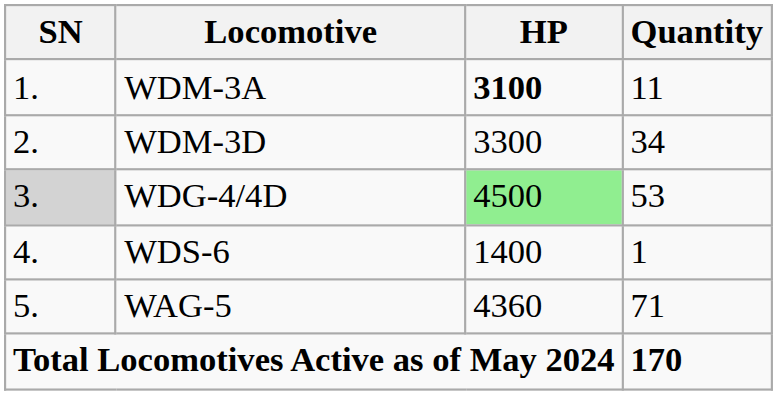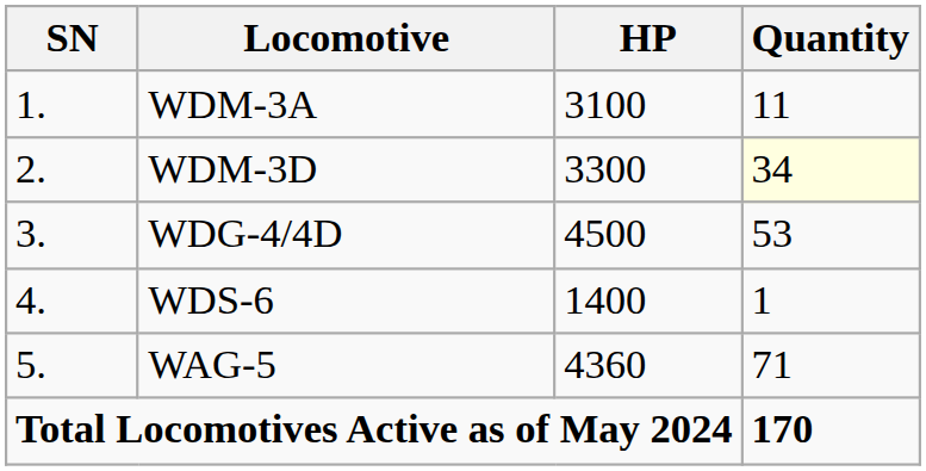 <table class="wikitable sortable">
 <tr>
 <th>SN</th>
 <th>Locomotive</th>
 <th>HP</th>
 <th>Quantity</th>
 </tr>
 <tr>
 <td>1.</td>
 <td>WDM-3A</td>
-<td><strong>3100</strong></td>
+<td>3100</td>
 <td>11</td>
 </tr>
 <tr>
 <td>2.</td>
 <td>WDM-3D</td>
 <td>3300</td>
-<td>34</td>
+<td style="background: lightyellow;">34</td>
 </tr>
 <tr>
-<td style="background: lightgrey;">3.</td>
+<td>3.</td>
 <td>WDG-4/4D</td>
-<td style="background: lightgreen;">4500</td>
+<td>4500</td>
 <td>53</td>
 </tr>
 <tr>
 <td>4.</td>
 <td>WDS-6</td>
 <td>1400</td>
 <td>1</td>
 </tr>
 <tr>
 <td>5.</td>
 <td>WAG-5</td>
 <td>4360</td>
 <td>71</td>
 </tr>
 <tr>
 <td colspan="3"><strong>Total Locomotives Active as of May 2024</strong></td>
 <td><strong>170</strong></td>
 </tr>
 </table>
